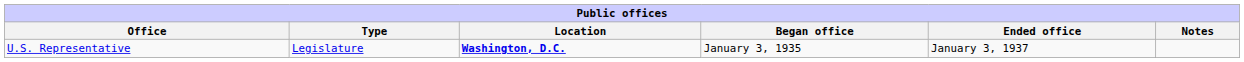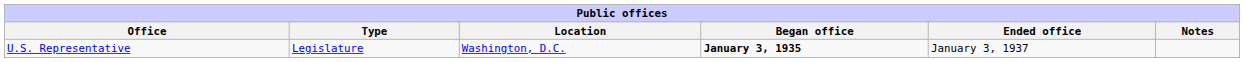 <table class=wikitable style="width: 94%" style="text-align: center;" align="center">
 <tr bgcolor=#cccccc>
 <th colspan=7 style="background: #ccccff;">Public offices</th>
 </tr>
 <tr>
 <th><strong>Office</strong></th>
 <th><strong>Type</strong></th>
 <th><strong>Location</strong></th>
 <th><strong>Began office</strong></th>
 <th><strong>Ended office</strong></th>
 <th><strong>Notes</strong></th>
 </tr>
 <tr>
 <td><a href='#'>U.S. Representative</a></td>
 <td><a href='#'>Legislature</a></td>
-<td><strong><a href='#'>Washington, D.C.</a></strong></td>
-<td>January 3, 1935</td>
+<td><a href='#'>Washington, D.C.</a></td>
+<td><strong>January 3, 1935</strong></td>
 <td>January 3, 1937</td>
 <td></td>
 </tr>
 </table>
